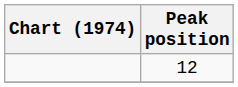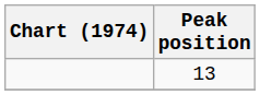 <table class="wikitable sortable plainrowheaders">
 <tr>
 <th scope="col">Chart (1974)</th>
 <th scope="col">Peak<br>position</th>
 </tr>
 <tr>
 <td Australian (></td>
-<td style="text-align:center">12</td>
+<td style="text-align:center">13</td>
 </tr>
 <tr>
 </tr>
 </table>
